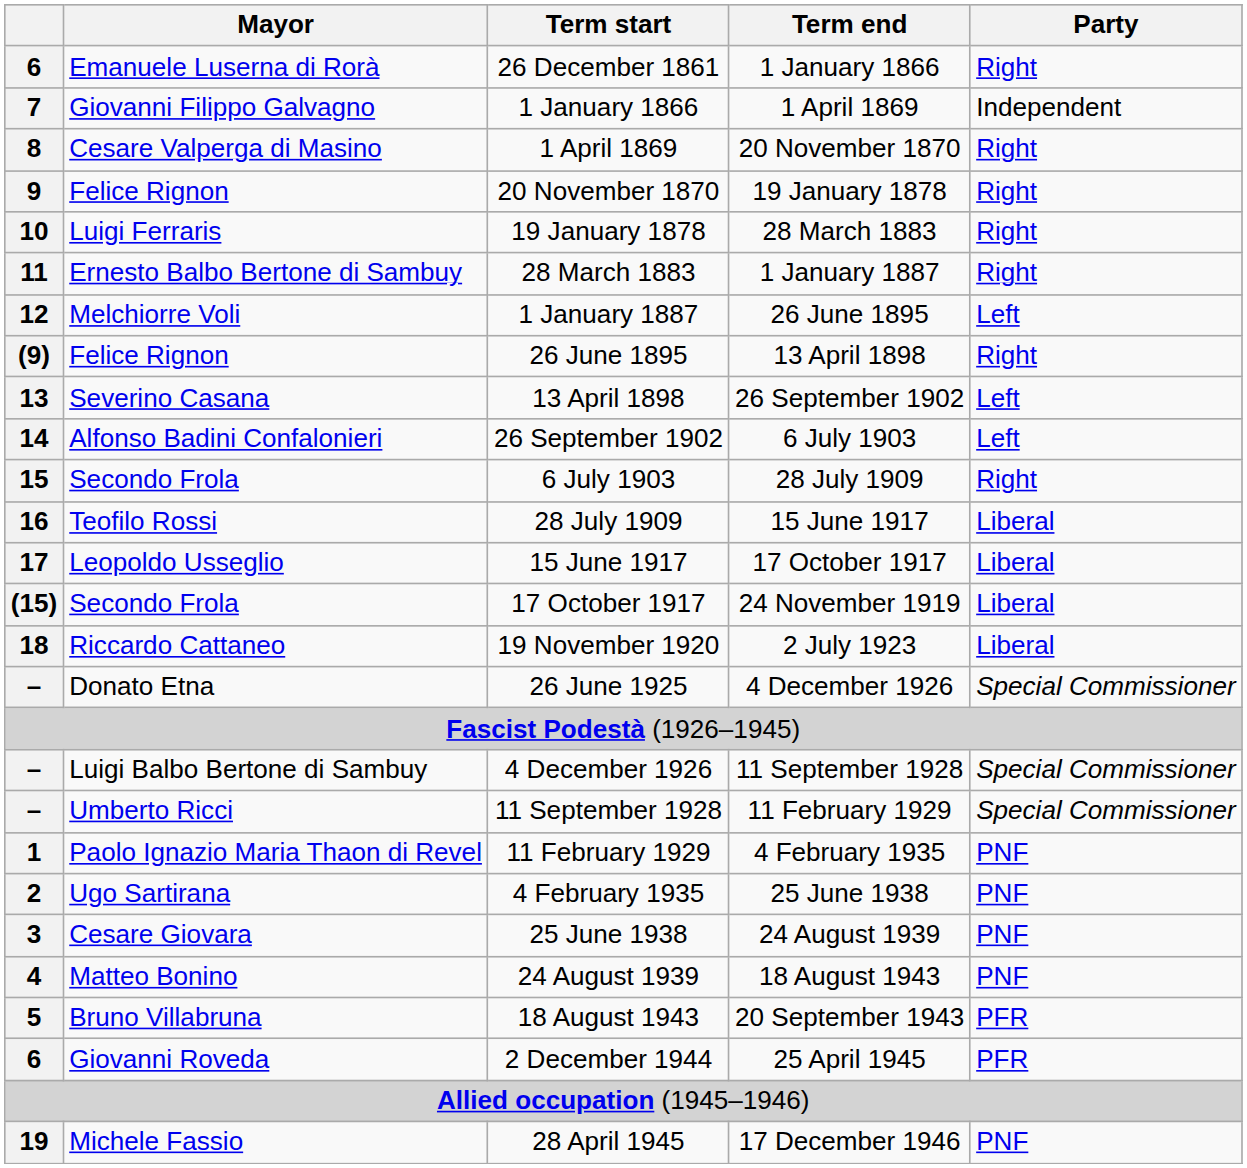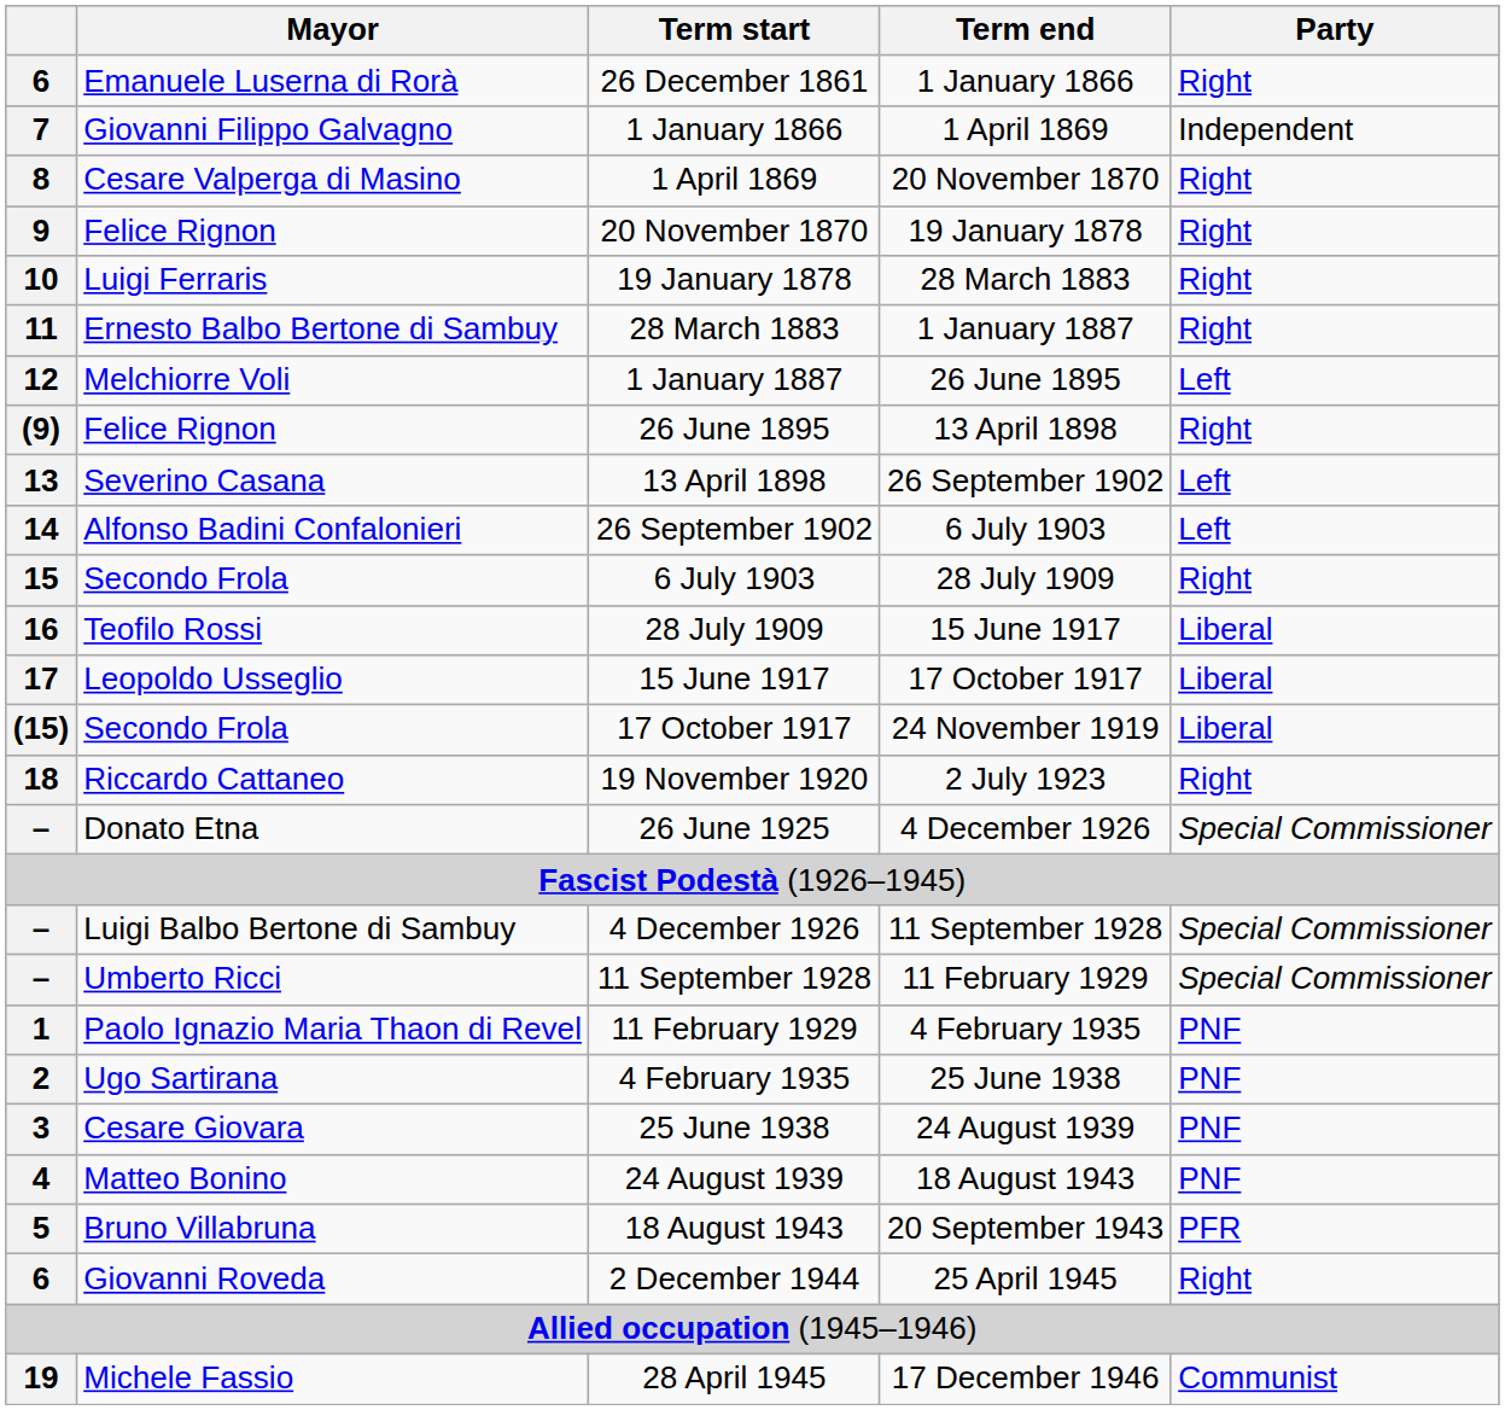 <table class="wikitable">
 <tr>
 <th class=unsortable> </th>
 <th>Mayor</th>
 <th>Term start</th>
 <th>Term end</th>
 <th>Party</th>
 </tr>
 <tr>
 <th style="background:">6</th>
 <td><a href='#'>Emanuele Luserna di Rorà</a></td>
 <td align=center>26 December 1861</td>
 <td align=center>1 January 1866</td>
 <td><a href='#'>Right</a></td>
 </tr>
 <tr>
 <th style="background:">7</th>
 <td><a href='#'>Giovanni Filippo Galvagno</a></td>
 <td align=center>1 January 1866</td>
 <td align=center>1 April 1869</td>
 <td>Independent</td>
 </tr>
 <tr>
 <th style="background:">8</th>
 <td><a href='#'>Cesare Valperga di Masino</a></td>
 <td align=center>1 April 1869</td>
 <td align=center>20 November 1870</td>
 <td><a href='#'>Right</a></td>
 </tr>
 <tr>
 <th style="background:">9</th>
 <td><a href='#'>Felice Rignon</a></td>
 <td align=center>20 November 1870</td>
 <td align=center>19 January 1878</td>
 <td><a href='#'>Right</a></td>
 </tr>
 <tr>
 <th style="background:">10</th>
 <td><a href='#'>Luigi Ferraris</a></td>
 <td align=center>19 January 1878</td>
 <td align=center>28 March 1883</td>
 <td><a href='#'>Right</a></td>
 </tr>
 <tr>
 <th style="background:">11</th>
 <td><a href='#'>Ernesto Balbo Bertone di Sambuy</a></td>
 <td align=center>28 March 1883</td>
 <td align=center>1 January 1887</td>
 <td><a href='#'>Right</a></td>
 </tr>
 <tr>
 <th style="background:">12</th>
 <td><a href='#'>Melchiorre Voli</a></td>
 <td align=center>1 January 1887</td>
 <td align=center>26 June 1895</td>
 <td><a href='#'>Left</a></td>
 </tr>
 <tr>
 <th style="background:">(9)</th>
 <td><a href='#'>Felice Rignon</a></td>
 <td align=center>26 June 1895</td>
 <td align=center>13 April 1898</td>
 <td><a href='#'>Right</a></td>
 </tr>
 <tr>
 <th style="background:">13</th>
 <td><a href='#'>Severino Casana</a></td>
 <td align=center>13 April 1898</td>
 <td align=center>26 September 1902</td>
 <td><a href='#'>Left</a></td>
 </tr>
 <tr>
 <th style="background:">14</th>
 <td><a href='#'>Alfonso Badini Confalonieri</a></td>
 <td align=center>26 September 1902</td>
 <td align=center>6 July 1903</td>
 <td><a href='#'>Left</a></td>
 </tr>
 <tr>
 <th style="background:">15</th>
 <td><a href='#'>Secondo Frola</a></td>
 <td align=center>6 July 1903</td>
 <td align=center>28 July 1909</td>
 <td><a href='#'>Right</a></td>
 </tr>
 <tr>
 <th style="background:">16</th>
 <td><a href='#'>Teofilo Rossi</a></td>
 <td align=center>28 July 1909</td>
 <td align=center>15 June 1917</td>
 <td><a href='#'>Liberal</a></td>
 </tr>
 <tr>
 <th style="background:">17</th>
 <td><a href='#'>Leopoldo Usseglio</a></td>
 <td align=center>15 June 1917</td>
 <td align=center>17 October 1917</td>
 <td><a href='#'>Liberal</a></td>
 </tr>
 <tr>
 <th style="background:">(15)</th>
 <td><a href='#'>Secondo Frola</a></td>
 <td align=center>17 October 1917</td>
 <td align=center>24 November 1919</td>
 <td><a href='#'>Liberal</a></td>
 </tr>
 <tr>
 <th style="background:">18</th>
 <td><a href='#'>Riccardo Cattaneo</a></td>
 <td align=center>19 November 1920</td>
 <td align=center>2 July 1923</td>
-<td><a href='#'>Liberal</a></td>
+<td><a href='#'>Right</a></td>
 </tr>
 <tr>
 <th style="background:">–</th>
 <td>Donato Etna</td>
 <td align=center>26 June 1925</td>
 <td align=center>4 December 1926</td>
 <td><em>Special Commissioner</em></td>
 </tr>
 <tr>
 <td colspan="8" bgcolor="lightgrey" align=center><strong><a href='#'>Fascist Podestà</a></strong> (1926–1945)</td>
 </tr>
 <tr>
 <th rowspan=1 style="background:">–</th>
 <td>Luigi Balbo Bertone di Sambuy</td>
 <td align=center>4 December 1926</td>
 <td align=center>11 September 1928</td>
 <td><em>Special Commissioner</em></td>
 </tr>
 <tr>
 <th rowspan=1 style="background:">–</th>
 <td><a href='#'>Umberto Ricci</a></td>
 <td align=center>11 September 1928</td>
 <td align=center>11 February 1929</td>
 <td><em>Special Commissioner</em></td>
 </tr>
 <tr>
 <th rowspan=1 style="background:">1</th>
 <td><a href='#'>Paolo Ignazio Maria Thaon di Revel</a></td>
 <td align=center>11 February 1929</td>
 <td align=center>4 February 1935</td>
 <td><a href='#'>PNF</a></td>
 </tr>
 <tr>
 <th rowspan=1 style="background:">2</th>
 <td><a href='#'>Ugo Sartirana</a></td>
 <td align=center>4 February 1935</td>
 <td align=center>25 June 1938</td>
 <td><a href='#'>PNF</a></td>
 </tr>
 <tr>
 <th rowspan=1 style="background:">3</th>
 <td><a href='#'>Cesare Giovara</a></td>
 <td align=center>25 June 1938</td>
 <td align=center>24 August 1939</td>
 <td><a href='#'>PNF</a></td>
 </tr>
 <tr>
 <th rowspan=1 style="background:">4</th>
 <td><a href='#'>Matteo Bonino</a></td>
 <td align=center>24 August 1939</td>
 <td align=center>18 August 1943</td>
 <td><a href='#'>PNF</a></td>
 </tr>
 <tr>
 <th rowspan=1 style="background:">5</th>
 <td><a href='#'>Bruno Villabruna</a></td>
 <td align=center>18 August 1943</td>
 <td align=center>20 September 1943</td>
 <td><a href='#'>PFR</a></td>
 </tr>
 <tr>
 <th rowspan=1 style="background:">6</th>
 <td><a href='#'>Giovanni Roveda</a></td>
 <td align=center>2 December 1944</td>
 <td align=center>25 April 1945</td>
-<td><a href='#'>PFR</a></td>
+<td><a href='#'>Right</a></td>
 </tr>
 <tr>
 <td colspan="8" bgcolor="lightgrey" align=center><strong><a href='#'>Allied occupation</a></strong> (1945–1946)</td>
 </tr>
 <tr>
 <th style="background:">19</th>
 <td><a href='#'>Michele Fassio</a></td>
 <td align=center>28 April 1945</td>
 <td align=center>17 December 1946</td>
-<td><a href='#'>PNF</a></td>
+<td><a href='#'>Communist</a></td>
 </tr>
 <tr>
 </tr>
 </table>
